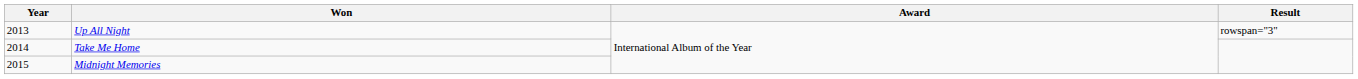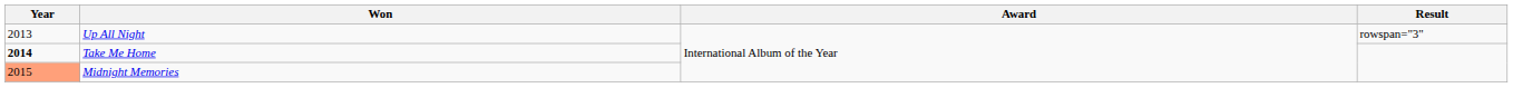 <table class="wikitable" style="width:100%;">
 <tr>
 <th width=5%>Year</th>
 <th style="width:40%;">Won</th>
 <th style="width:45%;">Award</th>
 <th style="width:10%;">Result</th>
 </tr>
 <tr>
 <td>2013</td>
 <td><em><a href='#'>Up All Night</a></em></td>
 <td rowspan="3">International Album of the Year</td>
 <td>rowspan="3" </td>
 </tr>
 <tr>
-<td>2014</td>
+<td><strong>2014</strong></td>
 <td><em><a href='#'>Take Me Home</a></em></td>
 </tr>
 <tr>
-<td>2015</td>
+<td style="background: lightsalmon;">2015</td>
 <td><em><a href='#'>Midnight Memories</a></em></td>
 </tr>
 </table>
